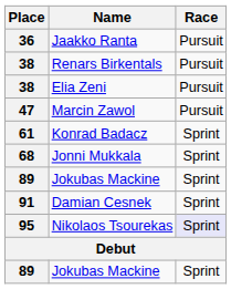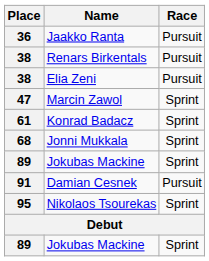 <table class="wikitable plainrowheaders" style="font-size:80%; text-align:center; display:inline-table;">
 <tr>
 <th>Place</th>
 <th>Name</th>
 <th>Race</th>
 </tr>
 <tr>
 <th>36</th>
 <td style="text-align:left"> <a href='#'>Jaakko Ranta</a></td>
 <td>Pursuit</td>
 </tr>
 <tr>
 <th>38</th>
 <td style="text-align:left"> <a href='#'>Renars Birkentals</a></td>
 <td>Pursuit</td>
 </tr>
 <tr>
 <th>38</th>
 <td style="text-align:left"> <a href='#'>Elia Zeni</a></td>
 <td>Pursuit</td>
 </tr>
 <tr>
 <th>47</th>
 <td style="text-align:left"> <a href='#'>Marcin Zawol</a></td>
-<td>Pursuit</td>
+<td>Sprint</td>
 </tr>
 <tr>
 <th>61</th>
 <td style="text-align:left"> <a href='#'>Konrad Badacz</a></td>
 <td>Sprint</td>
 </tr>
 <tr>
 <th>68</th>
 <td style="text-align:left"> <a href='#'>Jonni Mukkala</a></td>
 <td>Sprint</td>
 </tr>
 <tr>
 <th>89</th>
 <td style="text-align:left"> <a href='#'>Jokubas Mackine</a></td>
 <td>Sprint</td>
 </tr>
 <tr>
 <th>91</th>
 <td style="text-align:left"> <a href='#'>Damian Cesnek</a></td>
-<td>Sprint</td>
+<td>Pursuit</td>
 </tr>
 <tr>
 <th>95</th>
 <td style="text-align:left"> <a href='#'>Nikolaos Tsourekas</a></td>
-<td style="background: lavender;">Sprint</td>
+<td>Sprint</td>
 </tr>
 <tr>
 <th colspan=4>Debut</th>
 </tr>
 <tr>
 <th>89</th>
 <td style="text-align:left"> <a href='#'>Jokubas Mackine</a></td>
 <td>Sprint</td>
 </tr>
 </table>
